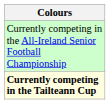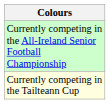 <table class="wikitable">
 <tr>
 <th width="150">Colours</th>
 </tr>
 <tr style="background:#ccffcc">
 <td>Currently competing in the <a href='#'>All-Ireland Senior Football Championship</a></td>
 </tr>
 <tr style="background:#FFFFE0">
-<td><strong>Currently competing in the Tailteann Cup</strong></td>
+<td>Currently competing in the Tailteann Cup</td>
 </tr>
 </table>
